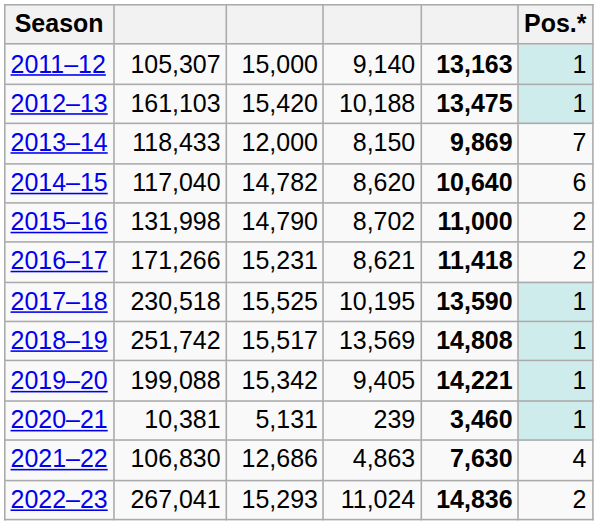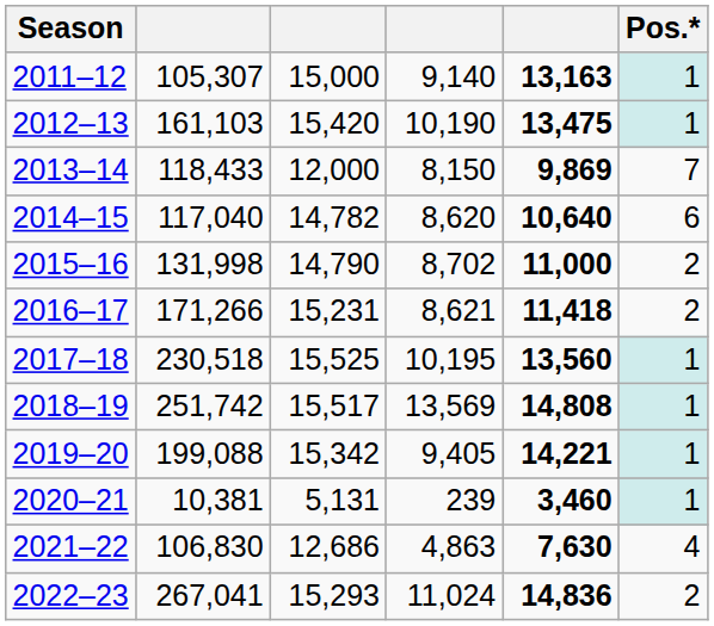 <table class="wikitable sortable" style="text-align:right">
 <tr>
 <th>Season</th>
 <th width="65"></th>
 <th width="55"></th>
 <th width="55"></th>
 <th width="55"></th>
 <th>Pos.*</th>
 </tr>
 <tr>
 <td align="left"><a href='#'>2011–12</a></td>
 <td>105,307</td>
 <td>15,000</td>
 <td>9,140</td>
 <td><strong>13,163</strong></td>
 <td style="background:#CFECEC">1</td>
 </tr>
 <tr>
 <td align="left"><a href='#'>2012–13</a></td>
 <td>161,103</td>
 <td>15,420</td>
-<td>10,188</td>
+<td>10,190</td>
 <td><strong>13,475</strong></td>
 <td style="background:#CFECEC">1</td>
 </tr>
 <tr>
 <td align="left"><a href='#'>2013–14</a></td>
 <td>118,433</td>
 <td>12,000</td>
 <td>8,150</td>
 <td><strong>9,869</strong></td>
 <td>7</td>
 </tr>
 <tr>
 <td align="left"><a href='#'>2014–15</a></td>
 <td>117,040</td>
 <td>14,782</td>
 <td>8,620</td>
 <td><strong>10,640</strong></td>
 <td>6</td>
 </tr>
 <tr>
 <td align="left"><a href='#'>2015–16</a></td>
 <td>131,998</td>
 <td>14,790</td>
 <td>8,702</td>
 <td><strong>11,000</strong></td>
 <td>2</td>
 </tr>
 <tr>
 <td align="left"><a href='#'>2016–17</a></td>
 <td>171,266</td>
 <td>15,231</td>
 <td>8,621</td>
 <td><strong>11,418</strong></td>
 <td>2</td>
 </tr>
 <tr>
 <td align="left"><a href='#'>2017–18</a></td>
 <td>230,518</td>
 <td>15,525</td>
 <td>10,195</td>
-<td><strong>13,590</strong></td>
+<td><strong>13,560</strong></td>
 <td style="background:#CFECEC">1</td>
 </tr>
 <tr>
 <td align="left"><a href='#'>2018–19</a></td>
 <td>251,742</td>
 <td>15,517</td>
 <td>13,569</td>
 <td><strong>14,808</strong></td>
 <td style="background:#CFECEC">1</td>
 </tr>
 <tr>
 <td align="left"><a href='#'>2019–20</a></td>
 <td>199,088</td>
 <td>15,342</td>
 <td>9,405</td>
 <td><strong>14,221</strong></td>
 <td style="background:#CFECEC">1</td>
 </tr>
 <tr>
 <td align="left"><a href='#'>2020–21</a></td>
 <td>10,381</td>
 <td>5,131</td>
 <td>239</td>
 <td><strong>3,460</strong></td>
 <td style="background:#CFECEC">1</td>
 </tr>
 <tr>
 <td align="left"><a href='#'>2021–22</a></td>
 <td>106,830</td>
 <td>12,686</td>
 <td>4,863</td>
 <td><strong>7,630</strong></td>
 <td>4</td>
 </tr>
 <tr>
 <td align="left"><a href='#'>2022–23</a></td>
 <td>267,041</td>
 <td>15,293</td>
 <td>11,024</td>
 <td><strong>14,836</strong></td>
 <td>2</td>
 </tr>
 </table>
